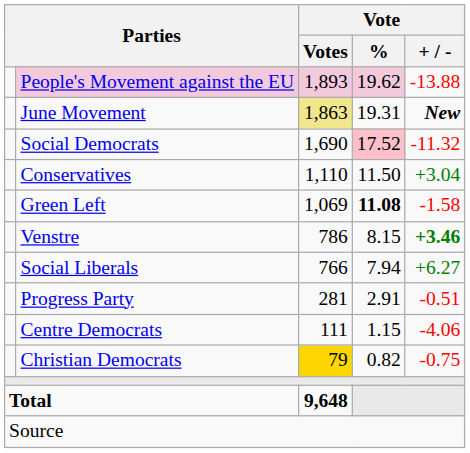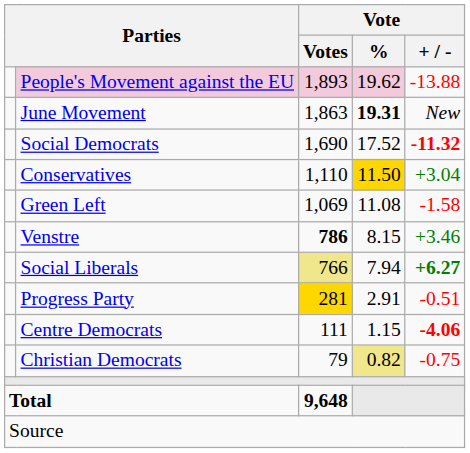 <table class="wikitable" style="text-align:right;">
 <tr>
 <th style="text-align:centre;" rowspan="2" colspan="2" width="225">Parties</th>
 <th colspan="3">Vote</th>
 </tr>
 <tr>
 <th width="15">Votes</th>
 <th width="15">%</th>
 <th width="15">+ / -</th>
 </tr>
 <tr>
 <td width="2" style="color:inherit;background:"></td>
 <td bgcolor=#f3c9dc   align="left"><a href='#'>People's Movement against the EU</a></td>
 <td bgcolor=#f3c9dc>1,893</td>
 <td bgcolor=#f3c9dc>19.62</td>
 <td style=color:red;>-13.88</td>
 </tr>
 <tr>
 <td width="2" style="color:inherit;background:"></td>
 <td align="left"><a href='#'>June Movement</a></td>
-<td style="background: khaki;">1,863</td>
-<td>19.31</td>
-<td><strong><em>New</em></strong></td>
+<td>1,863</td>
+<td><strong>19.31</strong></td>
+<td><em>New</em></td>
 </tr>
 <tr>
 <td width="2" style="color:inherit;background:"></td>
 <td align="left"><a href='#'>Social Democrats</a></td>
 <td>1,690</td>
-<td style="background: pink;">17.52</td>
-<td style=color:red;>-11.32</td>
+<td>17.52</td>
+<td style=color:red;><strong>-11.32</strong></td>
 </tr>
 <tr>
 <td width="2" style="color:inherit;background:"></td>
 <td align="left"><a href='#'>Conservatives</a></td>
 <td>1,110</td>
-<td>11.50</td>
+<td style="background: gold;">11.50</td>
 <td style=color:green;>+3.04</td>
 </tr>
 <tr>
 <td width="2" style="color:inherit;background:"></td>
 <td align="left"><a href='#'>Green Left</a></td>
 <td>1,069</td>
-<td><strong>11.08</strong></td>
+<td>11.08</td>
 <td style=color:red;>-1.58</td>
 </tr>
 <tr>
 <td width="2" style="color:inherit;background:"></td>
 <td align="left"><a href='#'>Venstre</a></td>
-<td>786</td>
+<td><strong>786</strong></td>
 <td>8.15</td>
-<td style=color:green;><strong>+3.46</strong></td>
+<td style=color:green;>+3.46</td>
 </tr>
 <tr>
 <td width="2" style="color:inherit;background:"></td>
 <td align="left"><a href='#'>Social Liberals</a></td>
-<td>766</td>
+<td style="background: khaki;">766</td>
 <td>7.94</td>
-<td style=color:green;>+6.27</td>
+<td style=color:green;><strong>+6.27</strong></td>
 </tr>
 <tr>
 <td width="2" style="color:inherit;background:"></td>
 <td align="left"><a href='#'>Progress Party</a></td>
-<td>281</td>
+<td style="background: gold;">281</td>
 <td>2.91</td>
 <td style=color:red;>-0.51</td>
 </tr>
 <tr>
 <td width="2" style="color:inherit;background:"></td>
 <td align="left"><a href='#'>Centre Democrats</a></td>
 <td>111</td>
 <td>1.15</td>
-<td style=color:red;>-4.06</td>
+<td style=color:red;><strong>-4.06</strong></td>
 </tr>
 <tr>
 <td width="2" style="color:inherit;background:"></td>
 <td align="left"><a href='#'>Christian Democrats</a></td>
-<td style="background: gold;">79</td>
-<td>0.82</td>
+<td>79</td>
+<td style="background: khaki;">0.82</td>
 <td style=color:red;>-0.75</td>
 </tr>
 <tr>
 <td colspan="7" bgcolor="#E9E9E9"></td>
 </tr>
 <tr>
 <td align="left" colspan="2"><strong>Total</strong></td>
 <td><strong>9,648</strong></td>
 <td bgcolor="#E9E9E9" colspan="2"></td>
 </tr>
 <tr>
 <td align="left" colspan="6">Source</td>
 </tr>
 </table>
